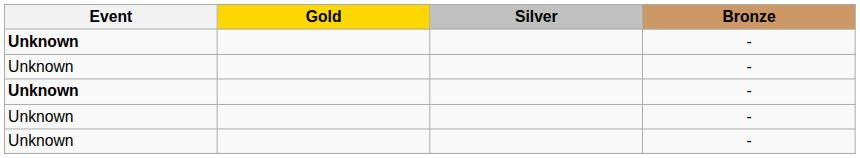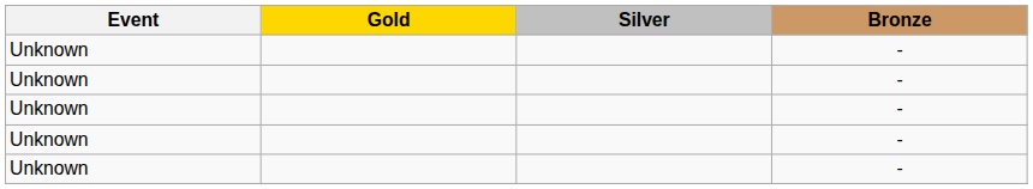 <table class="wikitable" style="max-width: 23cm; width: 100%">
 <tr>
 <th scope="col">Event</th>
 <th scope="col" style="background-color:gold; width:25%">Gold</th>
 <th scope="col" style="background-color:silver; width:25%; width:25%">Silver</th>
 <th scope="col" style="background-color:#cc9966; width:25%">Bronze</th>
 </tr>
 <tr>
-<td><strong>Unknown</strong></td>
+<td>Unknown</td>
 <td></td>
 <td></td>
 <td align=center>-</td>
 </tr>
 <tr>
 <td>Unknown</td>
 <td></td>
 <td></td>
 <td align=center>-</td>
 </tr>
 <tr>
-<td><strong>Unknown</strong></td>
+<td>Unknown</td>
 <td></td>
 <td></td>
 <td align=center>-</td>
 </tr>
 <tr>
 <td>Unknown</td>
 <td></td>
 <td></td>
 <td align=center>-</td>
 </tr>
 <tr>
 <td>Unknown</td>
 <td></td>
 <td></td>
 <td align=center>-</td>
 </tr>
 <tr>
 </tr>
 </table>
